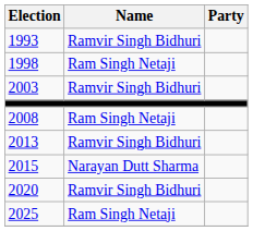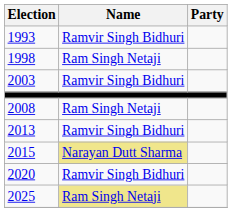 <table class="wikitable sortable">
 <tr>
 <th>Election</th>
 <th>Name</th>
 <th colspan=2>Party</th>
 </tr>
 <tr>
 <td><a href='#'>1993</a></td>
 <td><a href='#'>Ramvir Singh Bidhuri</a></td>
 <td></td>
 </tr>
 <tr>
 <td><a href='#'>1998</a></td>
 <td><a href='#'>Ram Singh Netaji</a></td>
 <td></td>
 </tr>
 <tr>
 <td><a href='#'>2003</a></td>
 <td><a href='#'>Ramvir Singh Bidhuri</a></td>
 <td></td>
 </tr>
 <tr>
 <td colspan=4 align=center bgcolor = black><small><em><a href='#'></a></em></small></td>
 </tr>
 <tr>
 <td><a href='#'>2008</a></td>
 <td><a href='#'>Ram Singh Netaji</a></td>
 <td></td>
 </tr>
 <tr>
 <td><a href='#'>2013</a></td>
 <td><a href='#'>Ramvir Singh Bidhuri</a></td>
 <td></td>
 </tr>
 <tr>
 <td><a href='#'>2015</a></td>
-<td><a href='#'>Narayan Dutt Sharma</a></td>
+<td style="background: khaki;"><a href='#'>Narayan Dutt Sharma</a></td>
 <td></td>
 </tr>
 <tr>
 <td><a href='#'>2020</a></td>
 <td><a href='#'>Ramvir Singh Bidhuri</a></td>
 <td></td>
 </tr>
 <tr>
 <td><a href='#'>2025</a></td>
-<td><a href='#'>Ram Singh Netaji</a></td>
+<td style="background: khaki;"><a href='#'>Ram Singh Netaji</a></td>
 <td></td>
 </tr>
 <tr>
 </tr>
 </table>
